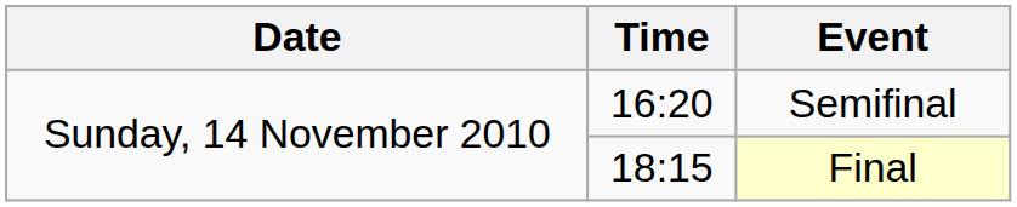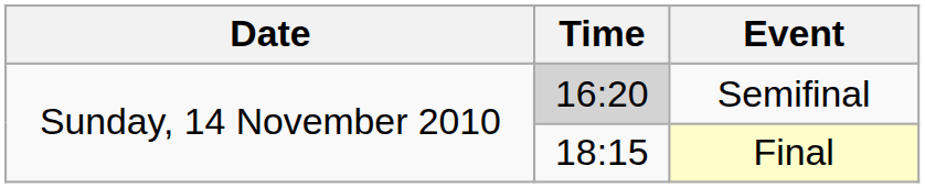 <table class = "wikitable" style="text-align:center;">
 <tr>
 <th width=220>Date</th>
 <th width=50>Time</th>
 <th width=100>Event</th>
 </tr>
 <tr>
 <td rowspan=2>Sunday, 14 November 2010</td>
-<td>16:20</td>
+<td style="background: lightgrey;">16:20</td>
 <td>Semifinal</td>
 </tr>
 <tr>
 <td>18:15</td>
 <td bgcolor=ffffcc>Final</td>
 </tr>
 </table>
